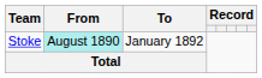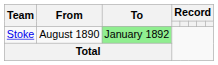 <table class=wikitable style="text-align: center">
 <tr>
 <th rowspan=2>Team</th>
 <th rowspan=2>From</th>
 <th rowspan=2>To</th>
 <th colspan=5>Record</th>
 </tr>
 <tr>
 <th></th>
 <th></th>
 <th></th>
 <th></th>
 <th></th>
 </tr>
 <tr>
 <td align=left><a href='#'>Stoke</a></td>
-<td align=left style="background: paleturquoise;">August 1890</td>
-<td align=left>January 1892<br></td>
+<td align=left>August 1890</td>
+<td align=left style="background: lightgreen;">January 1892<br></td>
 </tr>
 <tr>
 <th colspan="3">Total<br></th>
 </tr>
 </table>
